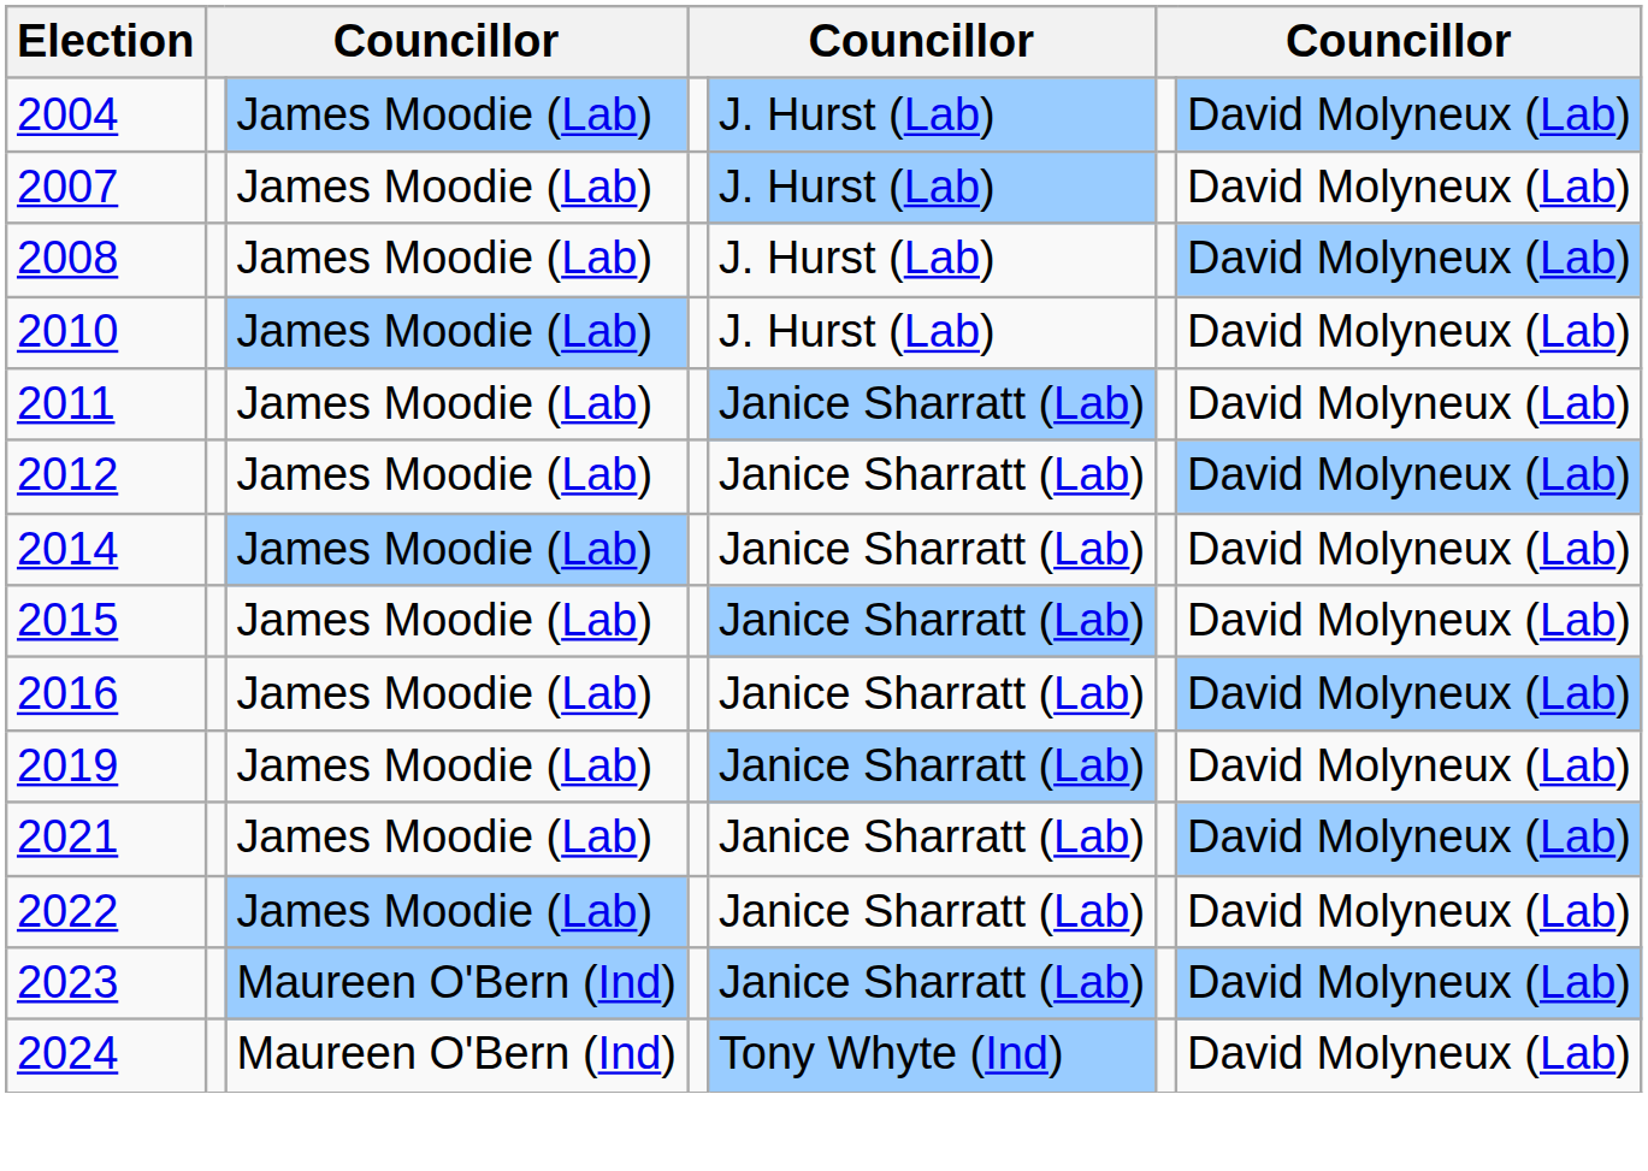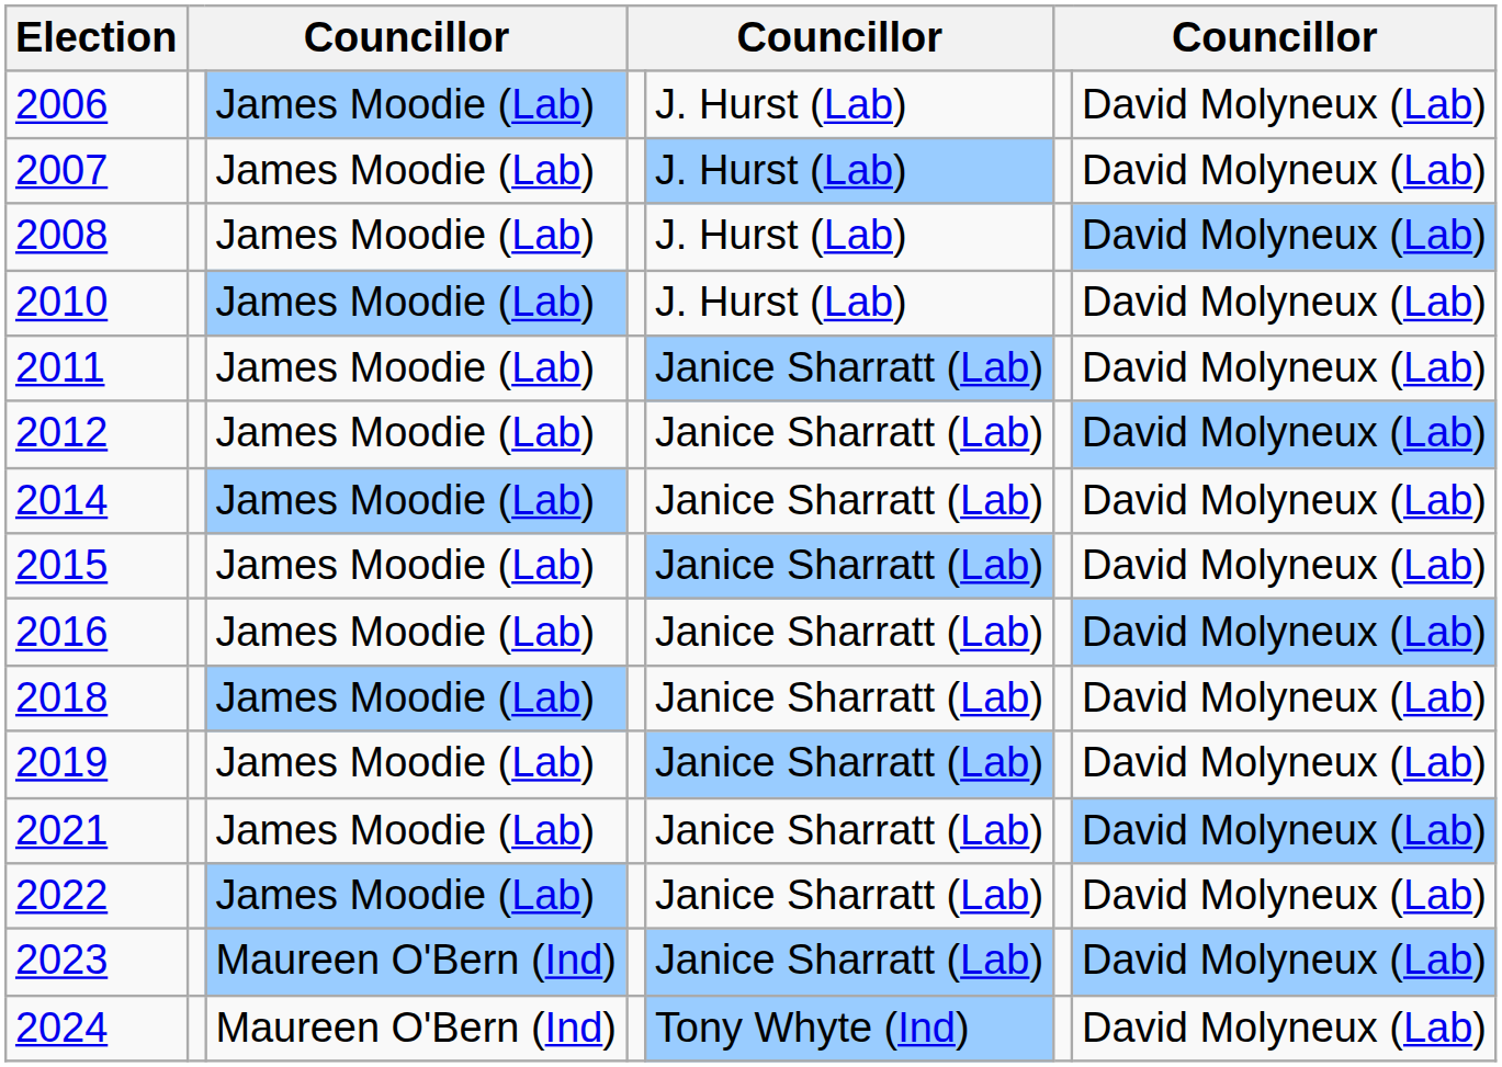 <table class="wikitable">
 <tr>
 <th>Election</th>
 <th colspan="2">Councillor</th>
 <th colspan="2">Councillor</th>
 <th colspan="2">Councillor</th>
 </tr>
 <tr>
-<td><a href='#'>2004</a></td>
+<td><a href='#'>2006</a></td>
 <td style="background-color: "></td>
 <td bgcolor="#99CCFF">James Moodie (<a href='#'>Lab</a>)</td>
 <td style="background-color: "></td>
-<td bgcolor="#99CCFF">J. Hurst (<a href='#'>Lab</a>)</td>
+<td>J. Hurst (<a href='#'>Lab</a>)</td>
 <td style="background-color: "></td>
-<td bgcolor="#99CCFF">David Molyneux (<a href='#'>Lab</a>)</td>
+<td>David Molyneux (<a href='#'>Lab</a>)</td>
 </tr>
 <tr>
 <td><a href='#'>2007</a></td>
 <td style="background-color: "></td>
 <td>James Moodie (<a href='#'>Lab</a>)</td>
 <td style="background-color: "></td>
 <td bgcolor="#99CCFF">J. Hurst (<a href='#'>Lab</a>)</td>
 <td style="background-color: "></td>
 <td>David Molyneux (<a href='#'>Lab</a>)</td>
 </tr>
 <tr>
 <td><a href='#'>2008</a></td>
 <td style="background-color: "></td>
 <td>James Moodie (<a href='#'>Lab</a>)</td>
 <td style="background-color: "></td>
 <td>J. Hurst (<a href='#'>Lab</a>)</td>
 <td style="background-color: "></td>
 <td bgcolor="#99CCFF">David Molyneux (<a href='#'>Lab</a>)</td>
 </tr>
 <tr>
 <td><a href='#'>2010</a></td>
 <td style="background-color: "></td>
 <td bgcolor="#99CCFF">James Moodie (<a href='#'>Lab</a>)</td>
 <td style="background-color: "></td>
 <td>J. Hurst (<a href='#'>Lab</a>)</td>
 <td style="background-color: "></td>
 <td>David Molyneux (<a href='#'>Lab</a>)</td>
 </tr>
 <tr>
 <td><a href='#'>2011</a></td>
 <td style="background-color: "></td>
 <td>James Moodie (<a href='#'>Lab</a>)</td>
 <td style="background-color: "></td>
 <td bgcolor="#99CCFF">Janice Sharratt (<a href='#'>Lab</a>)</td>
 <td style="background-color: "></td>
 <td>David Molyneux (<a href='#'>Lab</a>)</td>
 </tr>
 <tr>
 <td><a href='#'>2012</a></td>
 <td style="background-color: "></td>
 <td>James Moodie (<a href='#'>Lab</a>)</td>
 <td style="background-color: "></td>
 <td>Janice Sharratt (<a href='#'>Lab</a>)</td>
 <td style="background-color: "></td>
 <td bgcolor="#99CCFF">David Molyneux (<a href='#'>Lab</a>)</td>
 </tr>
 <tr>
 <td><a href='#'>2014</a></td>
 <td style="background-color: "></td>
 <td bgcolor="#99CCFF">James Moodie (<a href='#'>Lab</a>)</td>
 <td style="background-color: "></td>
 <td>Janice Sharratt (<a href='#'>Lab</a>)</td>
 <td style="background-color: "></td>
 <td>David Molyneux (<a href='#'>Lab</a>)</td>
 </tr>
 <tr>
 <td><a href='#'>2015</a></td>
 <td style="background-color: "></td>
 <td>James Moodie (<a href='#'>Lab</a>)</td>
 <td style="background-color: "></td>
 <td bgcolor="#99CCFF">Janice Sharratt (<a href='#'>Lab</a>)</td>
 <td style="background-color: "></td>
 <td>David Molyneux (<a href='#'>Lab</a>)</td>
 </tr>
 <tr>
 <td><a href='#'>2016</a></td>
 <td style="background-color: "></td>
 <td>James Moodie (<a href='#'>Lab</a>)</td>
 <td style="background-color: "></td>
 <td>Janice Sharratt (<a href='#'>Lab</a>)</td>
 <td style="background-color: "></td>
 <td bgcolor="#99CCFF">David Molyneux (<a href='#'>Lab</a>)</td>
 </tr>
 <tr>
+<td><a href='#'>2018</a></td>
+<td style="background-color: "></td>
+<td bgcolor="#99CCFF">James Moodie (<a href='#'>Lab</a>)</td>
+<td style="background-color: "></td>
+<td>Janice Sharratt (<a href='#'>Lab</a>)</td>
+<td style="background-color: "></td>
+<td>David Molyneux (<a href='#'>Lab</a>)</td>
+</tr>
+<tr>
 <td><a href='#'>2019</a></td>
 <td style="background-color: "></td>
 <td>James Moodie (<a href='#'>Lab</a>)</td>
 <td style="background-color: "></td>
 <td bgcolor="#99CCFF">Janice Sharratt (<a href='#'>Lab</a>)</td>
 <td style="background-color: "></td>
 <td>David Molyneux (<a href='#'>Lab</a>)</td>
 </tr>
 <tr>
 <td><a href='#'>2021</a></td>
 <td style="background-color: "></td>
 <td>James Moodie (<a href='#'>Lab</a>)</td>
 <td style="background-color: "></td>
 <td>Janice Sharratt (<a href='#'>Lab</a>)</td>
 <td style="background-color: "></td>
 <td bgcolor="#99CCFF">David Molyneux (<a href='#'>Lab</a>)</td>
 </tr>
 <tr>
 <td><a href='#'>2022</a></td>
 <td style="background-color: "></td>
 <td bgcolor="#99CCFF">James Moodie (<a href='#'>Lab</a>)</td>
 <td style="background-color: "></td>
 <td>Janice Sharratt (<a href='#'>Lab</a>)</td>
 <td style="background-color: "></td>
 <td>David Molyneux (<a href='#'>Lab</a>)</td>
 </tr>
 <tr>
 <td><a href='#'>2023</a></td>
 <td style="background-color: "></td>
 <td bgcolor="#99CCFF">Maureen O'Bern (<a href='#'>Ind</a>)</td>
 <td style="background-color: "></td>
 <td bgcolor="#99CCFF">Janice Sharratt (<a href='#'>Lab</a>)</td>
 <td style="background-color: "></td>
 <td bgcolor="#99CCFF">David Molyneux (<a href='#'>Lab</a>)</td>
 </tr>
 <tr>
 <td><a href='#'>2024</a></td>
 <td style="background-color: "></td>
 <td>Maureen O'Bern (<a href='#'>Ind</a>)</td>
 <td style="background-color: "></td>
 <td bgcolor="#99CCFF">Tony Whyte (<a href='#'>Ind</a>)</td>
 <td style="background-color: "></td>
 <td>David Molyneux (<a href='#'>Lab</a>)</td>
 </tr>
 </table>
